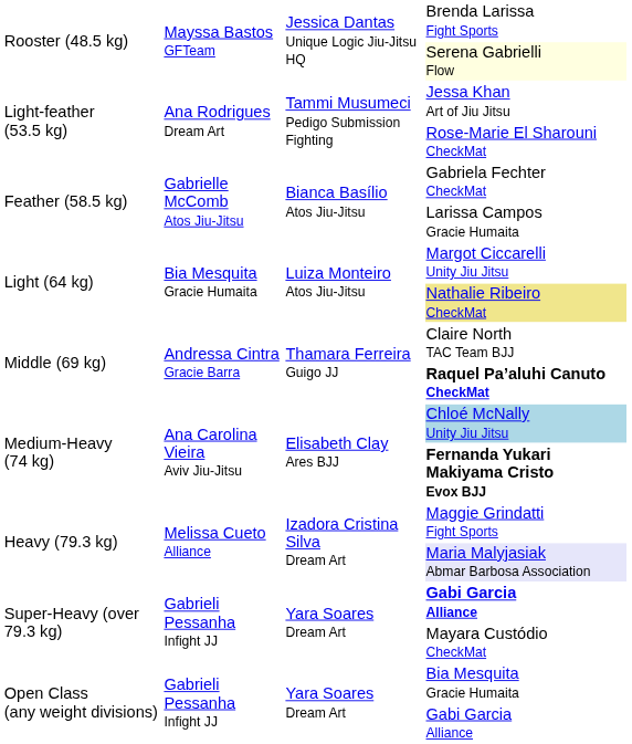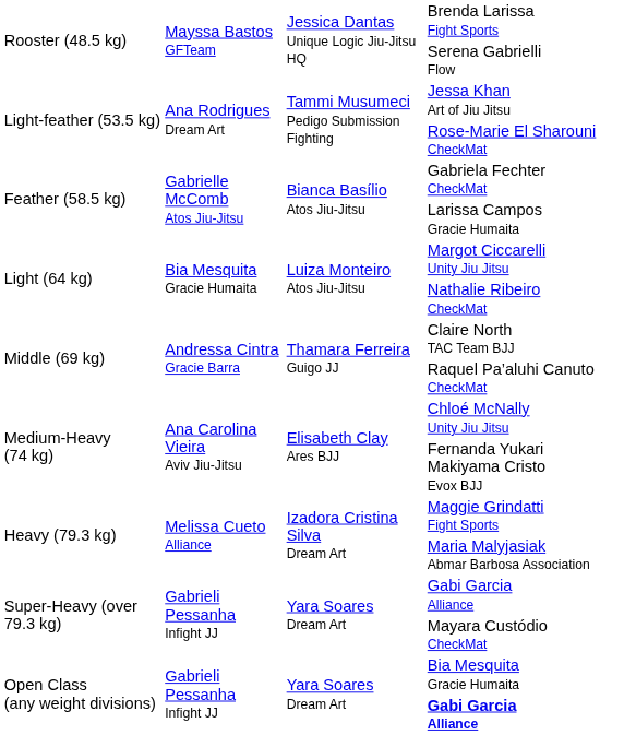 <table>
 <tr>
 <td rowspan=2>Rooster (48.5 kg)</td>
 <td rowspan=2> <a href='#'>Mayssa Bastos</a><br><small><a href='#'>GFTeam</a></small></td>
 <td rowspan=2> <a href='#'>Jessica Dantas</a><br><small>Unique Logic Jiu-Jitsu HQ</small></td>
 <td> Brenda Larissa<br><small><a href='#'>Fight Sports</a> </small></td>
 </tr>
 <tr>
-<td style="background: lightyellow;"> Serena Gabrielli<br><small>Flow</small></td>
+<td> Serena Gabrielli<br><small>Flow</small></td>
 </tr>
 <tr>
 <td rowspan=2>Light-feather (53.5 kg)</td>
 <td rowspan=2> <a href='#'>Ana Rodrigues</a><br><small>Dream Art</small></td>
 <td rowspan=2> <a href='#'>Tammi Musumeci</a><br><small>Pedigo Submission Fighting</small></td>
 <td> <a href='#'>Jessa Khan</a><br><small>Art of Jiu Jitsu</small></td>
 </tr>
 <tr>
 <td> <a href='#'>Rose-Marie El Sharouni</a><br><small><a href='#'>CheckMat</a></small></td>
 </tr>
 <tr>
 <td rowspan=2>Feather (58.5 kg)</td>
 <td rowspan=2> <a href='#'>Gabrielle McComb</a><br><small><a href='#'>Atos Jiu-Jitsu</a></small></td>
 <td rowspan=2> <a href='#'>Bianca Basílio</a><br><small>Atos Jiu-Jitsu</small></td>
 <td> Gabriela Fechter<br><small><a href='#'>CheckMat</a></small></td>
 </tr>
 <tr>
 <td> Larissa Campos<br><small>Gracie Humaita</small></td>
 </tr>
 <tr>
 <td rowspan=2>Light (64 kg)</td>
 <td rowspan=2> <a href='#'>Bia Mesquita</a><br><small>Gracie Humaita</small></td>
 <td rowspan=2> <a href='#'>Luiza Monteiro</a><br><small>Atos Jiu-Jitsu</small></td>
 <td> <a href='#'>Margot Ciccarelli</a><br><small><a href='#'>Unity Jiu Jitsu</a></small></td>
 </tr>
 <tr>
-<td style="background: khaki;"> <a href='#'>Nathalie Ribeiro</a><br><small><a href='#'>CheckMat</a></small></td>
+<td> <a href='#'>Nathalie Ribeiro</a><br><small><a href='#'>CheckMat</a></small></td>
 </tr>
 <tr>
 <td rowspan=2>Middle (69 kg)</td>
 <td rowspan=2> <a href='#'>Andressa Cintra</a><br><small><a href='#'>Gracie Barra</a></small></td>
 <td rowspan=2> <a href='#'>Thamara Ferreira</a><br><small>Guigo JJ</small></td>
 <td> Claire North<br><small>TAC Team BJJ</small></td>
 </tr>
 <tr>
-<td><strong> Raquel Pa’aluhi Canuto<br><small><a href='#'>CheckMat</a></small></strong></td>
+<td> Raquel Pa’aluhi Canuto<br><small><a href='#'>CheckMat</a></small></td>
 </tr>
 <tr>
 <td rowspan=2>Medium-Heavy (74 kg)</td>
 <td rowspan=2> <a href='#'>Ana Carolina Vieira</a><br><small>Aviv Jiu-Jitsu</small></td>
 <td rowspan=2> <a href='#'>Elisabeth Clay</a><br><small>Ares BJJ</small></td>
-<td style="background: lightblue;"> <a href='#'>Chloé McNally</a><br><small><a href='#'>Unity Jiu Jitsu</a></small></td>
+<td> <a href='#'>Chloé McNally</a><br><small><a href='#'>Unity Jiu Jitsu</a></small></td>
 </tr>
 <tr>
-<td><strong> Fernanda Yukari Makiyama Cristo<br><small>Evox BJJ</small></strong></td>
+<td> Fernanda Yukari Makiyama Cristo<br><small>Evox BJJ</small></td>
 </tr>
 <tr>
 <td rowspan=2>Heavy (79.3 kg)</td>
 <td rowspan=2> <a href='#'>Melissa Cueto</a><br><small><a href='#'>Alliance</a></small></td>
 <td rowspan=2> <a href='#'>Izadora Cristina Silva</a><br><small>Dream Art</small></td>
 <td> <a href='#'>Maggie Grindatti</a><br><small><a href='#'>Fight Sports</a></small></td>
 </tr>
 <tr>
-<td style="background: lavender;"> <a href='#'>Maria Malyjasiak</a><br><small>Abmar Barbosa Association</small></td>
+<td> <a href='#'>Maria Malyjasiak</a><br><small>Abmar Barbosa Association</small></td>
 </tr>
 <tr>
 <td rowspan=2>Super-Heavy (over 79.3 kg)</td>
 <td rowspan=2> <a href='#'>Gabrieli Pessanha</a><br><small>Infight JJ</small></td>
 <td rowspan=2> <a href='#'>Yara Soares</a><br><small>Dream Art</small></td>
-<td><strong> <a href='#'>Gabi Garcia</a><br><small><a href='#'>Alliance</a></small></strong></td>
+<td> <a href='#'>Gabi Garcia</a><br><small><a href='#'>Alliance</a></small></td>
 </tr>
 <tr>
 <td> Mayara Custódio<br><small><a href='#'>CheckMat</a></small></td>
 </tr>
 <tr>
 <td rowspan=2>Open Class<br>(any weight divisions)</td>
 <td rowspan=2> <a href='#'>Gabrieli Pessanha</a><br><small>Infight JJ</small></td>
 <td rowspan=2> <a href='#'>Yara Soares</a><br><small>Dream Art</small></td>
 <td> <a href='#'>Bia Mesquita</a><br><small>Gracie Humaita</small></td>
 </tr>
 <tr>
-<td> <a href='#'>Gabi Garcia</a><br><small><a href='#'>Alliance</a></small></td>
+<td><strong> <a href='#'>Gabi Garcia</a><br><small><a href='#'>Alliance</a></small></strong></td>
 </tr>
 <tr>
 </tr>
 </table>
